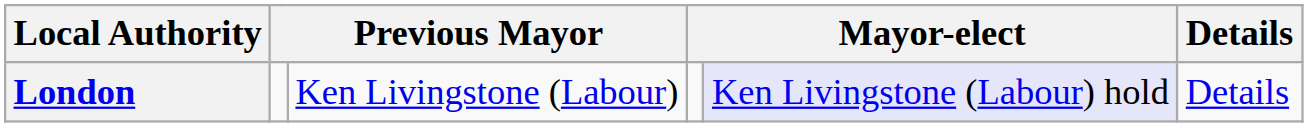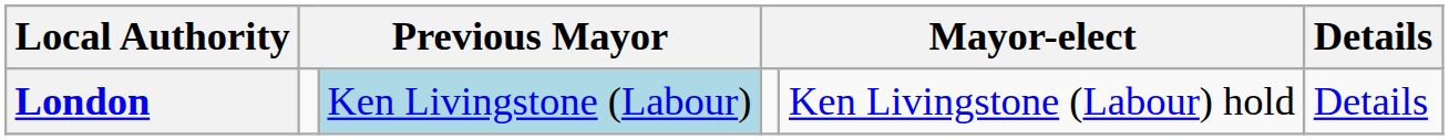 <table class="wikitable" border="1">
 <tr>
 <th scope="col">Local Authority</th>
 <th scope="col" colspan="2">Previous Mayor</th>
 <th scope="col" colspan="2">Mayor-elect</th>
 <th scope="col">Details</th>
 </tr>
 <tr>
 <th scope="row" style="text-align: left;"><a href='#'>London</a></th>
 <td></td>
-<td><a href='#'>Ken Livingstone</a> (<a href='#'>Labour</a>)</td>
+<td style="background: lightblue;"><a href='#'>Ken Livingstone</a> (<a href='#'>Labour</a>)</td>
 <td></td>
-<td style="background: lavender;"><a href='#'>Ken Livingstone</a> (<a href='#'>Labour</a>) hold</td>
+<td><a href='#'>Ken Livingstone</a> (<a href='#'>Labour</a>) hold</td>
 <td><a href='#'>Details</a></td>
 </tr>
 </table>
